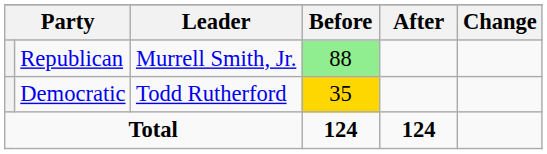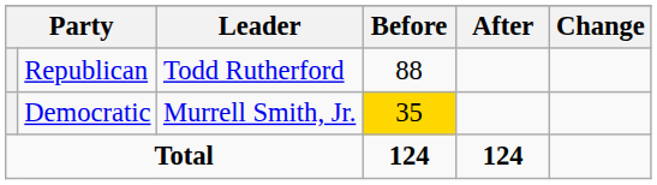 <table class="wikitable" style="text-align:center;">
 <tr>
 </tr>
 <tr>
 <th colspan=2>Party</th>
 <th>Leader</th>
 <th style="width:3em">Before</th>
 <th style="width:3em">After</th>
 <th style="width:3em">Change</th>
 </tr>
 <tr>
 <th style="background-color:"></th>
 <td style="text-align:left;"><a href='#'>Republican</a></td>
-<td style="text-align:left;"><a href='#'>Murrell Smith, Jr.</a></td>
-<td style="background: lightgreen;">88</td>
+<td style="text-align:left;"><a href='#'>Todd Rutherford</a></td>
+<td>88</td>
 <td></td>
 <td></td>
 </tr>
 <tr>
 <th style="background-color:"></th>
 <td style="text-align:left;"><a href='#'>Democratic</a></td>
-<td style="text-align:left;"><a href='#'>Todd Rutherford</a></td>
+<td style="text-align:left;"><a href='#'>Murrell Smith, Jr.</a></td>
 <td style="background: gold;">35</td>
 <td></td>
 <td></td>
 </tr>
 <tr>
 <td colspan=3><strong>Total</strong></td>
 <td><strong>124</strong></td>
 <td><strong>124</strong></td>
 <td></td>
 </tr>
 </table>
